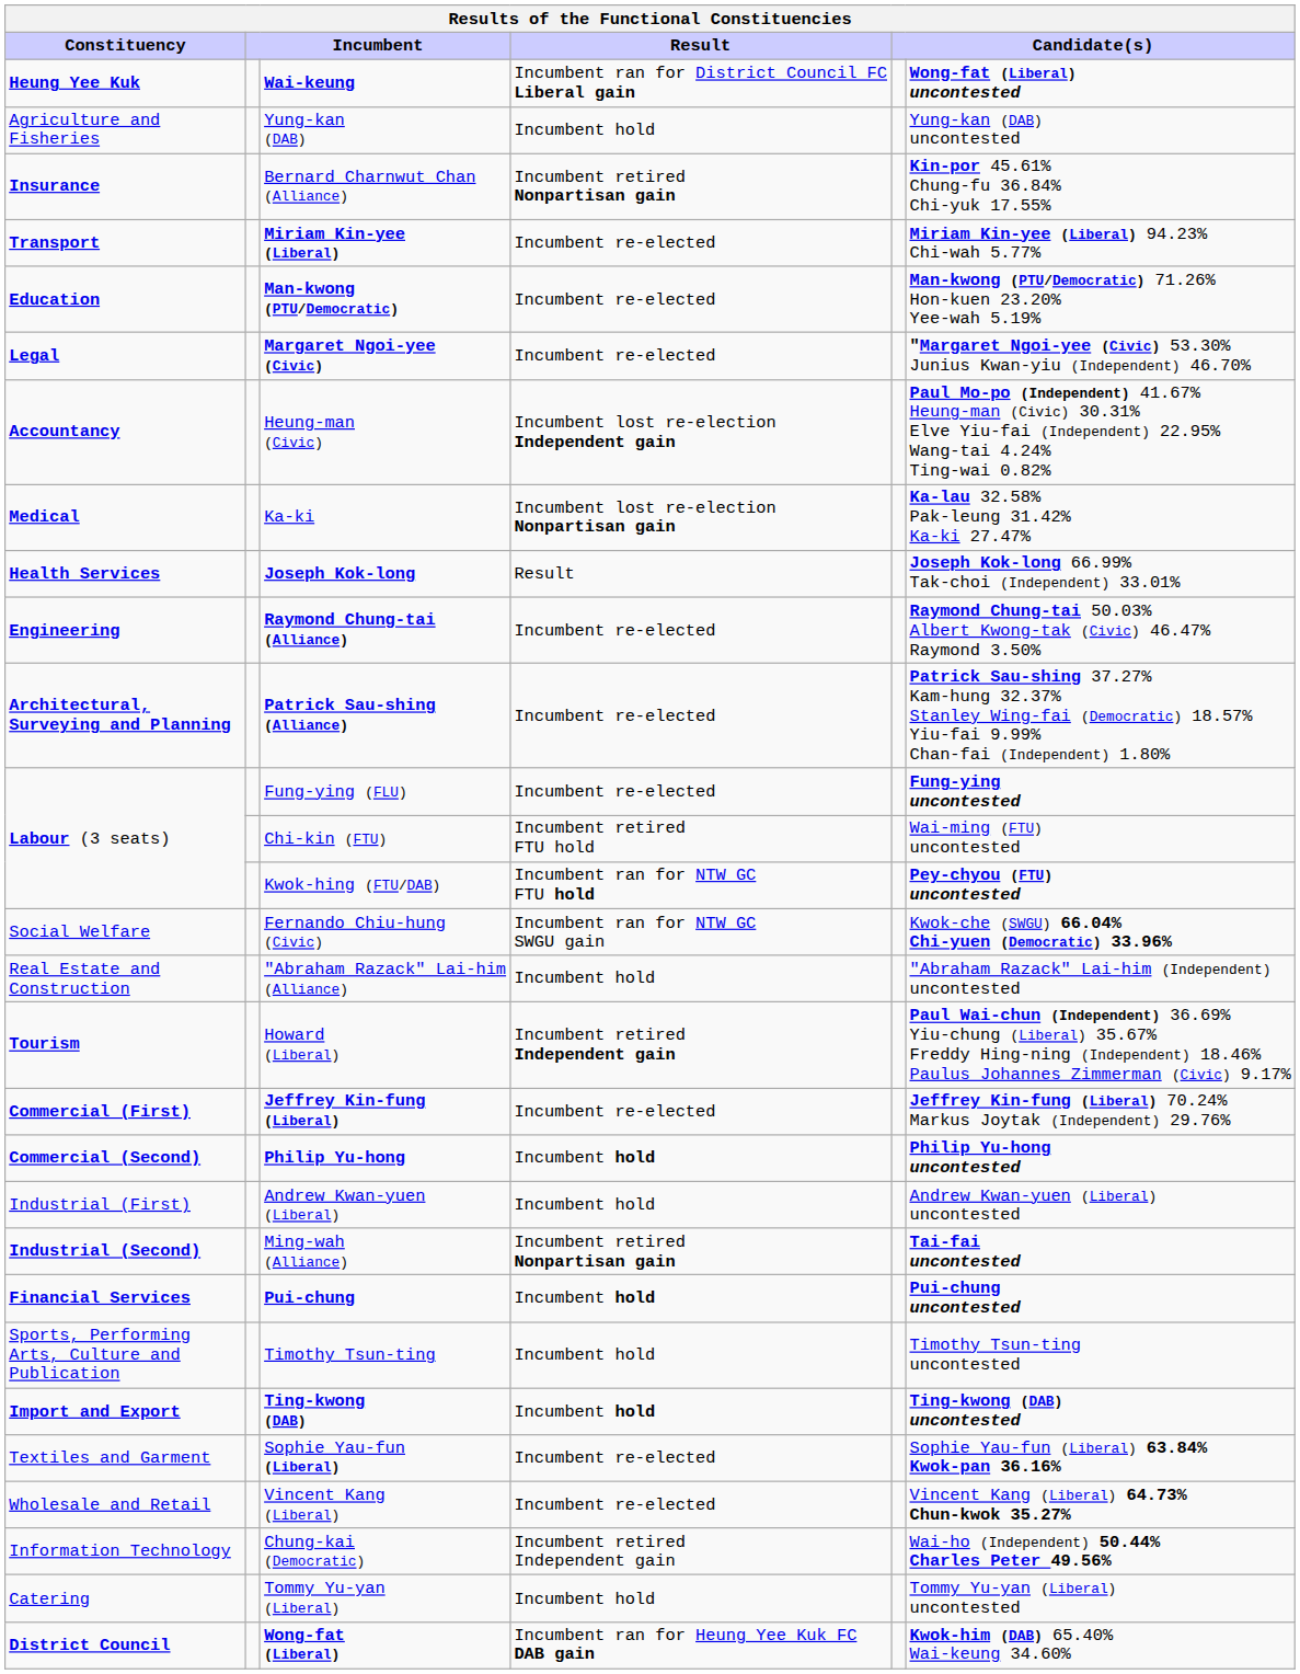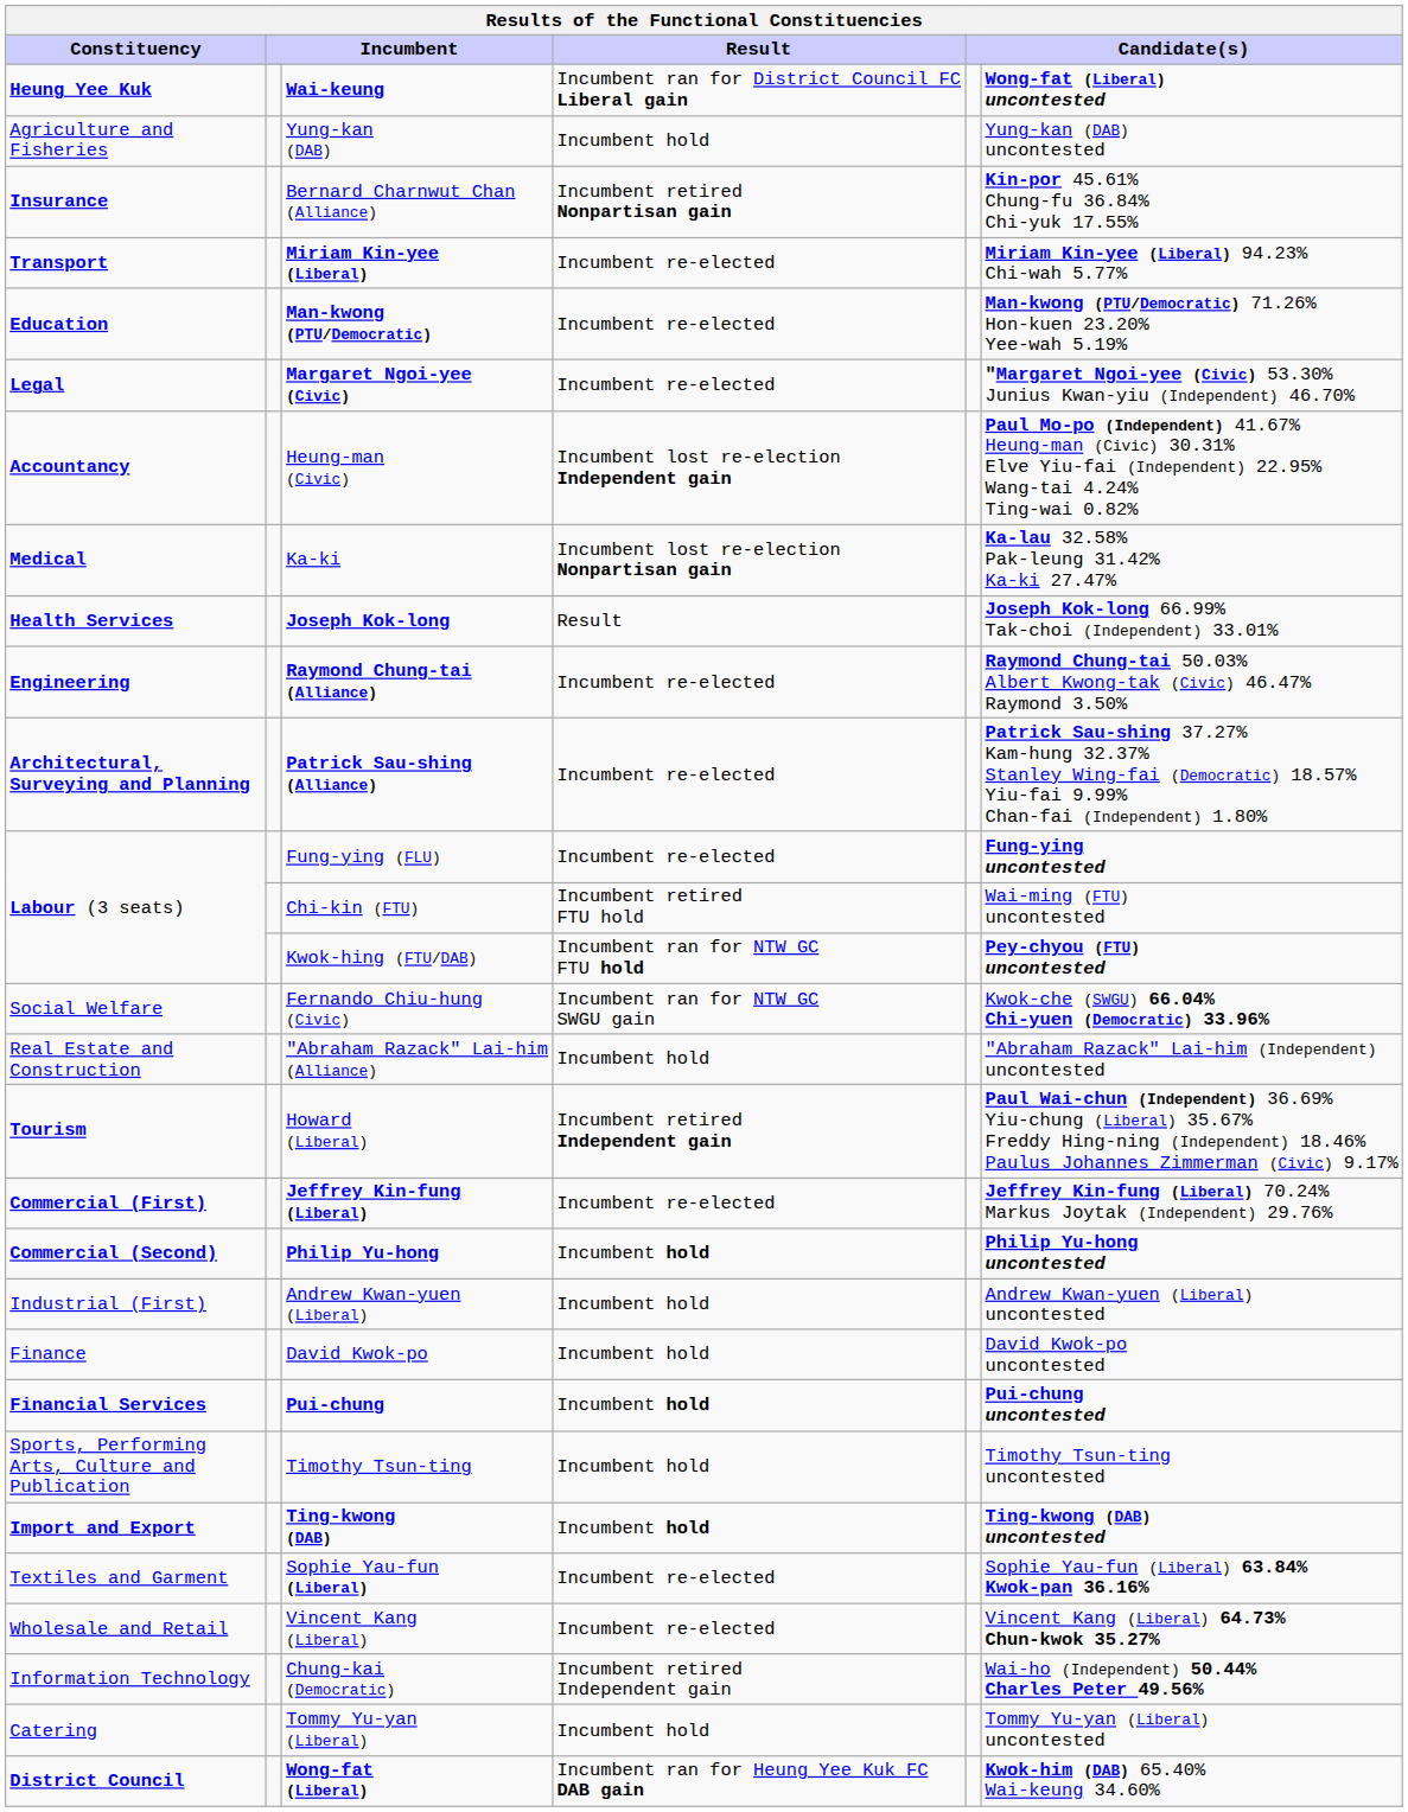 <table class="wikitable mw-collapsible">
 <tr>
 <th colspan=6>Results of the Functional Constituencies</th>
 </tr>
 <tr style="text-align:center; background:#ccf; font-weight:bold; vertical-align:bottom;">
 <td width=180px>Constituency</td>
 <td colspan=2>Incumbent</td>
 <td>Result</td>
 <td colspan=2>Candidate(s)</td>
 </tr>
 <tr>
 <td><strong><a href='#'>Heung Yee Kuk</a></strong></td>
 <td width=5px style="background-color: "></td>
 <td><strong><a href='#'> Wai-keung</a></strong></td>
 <td>Incumbent ran for <a href='#'>District Council FC</a><br><strong>Liberal gain</strong></td>
 <td width=5px style="background-color: "></td>
 <td><strong><a href='#'> Wong-fat</a> <small>(<a href='#'>Liberal</a>)</small><br><em>uncontested<strong><em></td>
 </tr>
 <tr>
 <td></strong><a href='#'>Agriculture and Fisheries</a><strong></td>
 <td style="background-color:"></td>
 <td></strong><a href='#'> Yung-kan</a><br><small>(<a href='#'>DAB</a>)</small><strong></td>
 <td>Incumbent hold</td>
 <td style="background-color:"></td>
 <td></strong><a href='#'> Yung-kan</a> <small>(<a href='#'>DAB</a>)</small><br></em>uncontested</em></strong></td>
 </tr>
 <tr>
 <td><strong><a href='#'>Insurance</a></strong></td>
 <td style="background-color:"></td>
 <td><a href='#'>Bernard Charnwut Chan</a><br><small>(<a href='#'>Alliance</a>)</small></td>
 <td>Incumbent retired<br><strong>Nonpartisan gain</strong></td>
 <td style="background-color:"></td>
 <td><strong><a href='#'> Kin-por</a></strong> 45.61%<br> Chung-fu 36.84%<br> Chi-yuk 17.55%</td>
 </tr>
 <tr>
 <td><strong><a href='#'>Transport</a></strong></td>
 <td style="background-color:"></td>
 <td><strong><a href='#'>Miriam  Kin-yee</a><br><small>(<a href='#'>Liberal</a>)</small></strong></td>
 <td>Incumbent re-elected</td>
 <td style="background-color:"></td>
 <td><strong><a href='#'>Miriam  Kin-yee</a> <small>(<a href='#'>Liberal</a>)</small></strong> 94.23%<br> Chi-wah 5.77%</td>
 </tr>
 <tr>
 <td><strong><a href='#'>Education</a></strong></td>
 <td style="background-color:"></td>
 <td><strong><a href='#'> Man-kwong</a><br><small>(<a href='#'>PTU</a>/<a href='#'>Democratic</a>)</small></strong></td>
 <td>Incumbent re-elected</td>
 <td style="background-color:"></td>
 <td><strong><a href='#'> Man-kwong</a> <small>(<a href='#'>PTU</a>/<a href='#'>Democratic</a>)</small></strong> 71.26%<br> Hon-kuen 23.20%<br> Yee-wah 5.19%</td>
 </tr>
 <tr>
 <td><strong><a href='#'>Legal</a></strong></td>
 <td style="background-color:"></td>
 <td><strong><a href='#'>Margaret  Ngoi-yee</a><br><small>(<a href='#'>Civic</a>)</small></strong></td>
 <td>Incumbent re-elected</td>
 <td style="background-color:"></td>
 <td><strong>"<a href='#'>Margaret  Ngoi-yee</a> <small>(<a href='#'>Civic</a>)</small></strong> 53.30%<br>Junius  Kwan-yiu <small>(Independent)</small> 46.70%</td>
 </tr>
 <tr>
 <td><strong><a href='#'>Accountancy</a></strong></td>
 <td style="background-color:"></td>
 <td><a href='#'> Heung-man</a><br><small>(<a href='#'>Civic</a>)</small></td>
 <td>Incumbent lost re-election<br><strong>Independent gain</strong></td>
 <td style="background-color:"></td>
 <td><strong><a href='#'>Paul  Mo-po</a> <small>(Independent)</small></strong> 41.67%<br><a href='#'> Heung-man</a> <small>(Civic)</small> 30.31%<br>Elve  Yiu-fai <small>(Independent)</small> 22.95%<br> Wang-tai 4.24%<br> Ting-wai 0.82%</td>
 </tr>
 <tr>
 <td><strong><a href='#'>Medical</a></strong></td>
 <td style="background-color:"></td>
 <td><a href='#'> Ka-ki</a></td>
 <td>Incumbent lost re-election<br><strong>Nonpartisan gain</strong></td>
 <td style="background-color:"></td>
 <td><strong><a href='#'> Ka-lau</a></strong> 32.58%<br> Pak-leung 31.42%<br><a href='#'> Ka-ki</a> 27.47%</td>
 </tr>
 <tr>
 <td><strong><a href='#'>Health Services</a></strong></td>
 <td style="background-color:"></td>
 <td><strong><a href='#'>Joseph  Kok-long</a></strong></td>
 <td>Result</td>
 <td style="background-color:"></td>
 <td><strong><a href='#'>Joseph  Kok-long</a></strong> 66.99%<br> Tak-choi <small>(Independent)</small> 33.01%</td>
 </tr>
 <tr>
 <td><strong><a href='#'>Engineering</a></strong></td>
 <td style="background-color:"></td>
 <td><strong><a href='#'>Raymond  Chung-tai</a><br><small>(<a href='#'>Alliance</a>)</small></strong></td>
 <td>Incumbent re-elected</td>
 <td style="background-color:"></td>
 <td><strong><a href='#'>Raymond  Chung-tai</a></strong> 50.03%<br><a href='#'>Albert  Kwong-tak</a> <small>(<a href='#'>Civic</a>)</small> 46.47%<br>Raymond  3.50%</td>
 </tr>
 <tr>
 <td><strong><a href='#'>Architectural, Surveying and Planning</a></strong></td>
 <td style="background-color:"></td>
 <td><strong><a href='#'>Patrick  Sau-shing</a><br><small>(<a href='#'>Alliance</a>)</small></strong></td>
 <td>Incumbent re-elected</td>
 <td style="background-color:"></td>
 <td><strong><a href='#'>Patrick  Sau-shing</a> </strong> 37.27%<br> Kam-hung 32.37%<br><a href='#'>Stanley  Wing-fai</a> <small>(<a href='#'>Democratic</a>)</small> 18.57%<br> Yiu-fai 9.99%<br> Chan-fai <small>(Independent)</small> 1.80%</td>
 </tr>
 <tr>
 <td rowspan=3><strong><a href='#'>Labour</a></strong> (3 seats)</td>
 <td style="background-color:"></td>
 <td><a href='#'> Fung-ying</a> <small>(<a href='#'>FLU</a>)</small></td>
 <td>Incumbent re-elected</td>
 <td style="background-color:"></td>
 <td><strong><a href='#'> Fung-ying</a><br><em>uncontested<strong><em></td>
 </tr>
 <tr>
 <td style="background-color:"></td>
 <td><a href='#'> Chi-kin</a> <small>(<a href='#'>FTU</a>)</small></td>
 <td>Incumbent retired<br>FTU </strong>hold<strong></td>
 <td style="background-color:"></td>
 <td></strong><a href='#'> Wai-ming</a> <small>(<a href='#'>FTU</a>)</small><br></em>uncontested</em></strong></td>
 </tr>
 <tr>
 <td style="background-color:"></td>
 <td><a href='#'> Kwok-hing</a> <small>(<a href='#'>FTU</a>/<a href='#'>DAB</a>)</small></td>
 <td>Incumbent ran for <a href='#'>NTW GC</a><br>FTU <strong>hold</strong></td>
 <td style="background-color:"></td>
 <td><strong><a href='#'> Pey-chyou</a> <small>(<a href='#'>FTU</a>)</small><br><em>uncontested<strong><em></td>
 </tr>
 <tr>
 <td></strong><a href='#'>Social Welfare</a><strong></td>
 <td style="background-color:"></td>
 <td><a href='#'>Fernando  Chiu-hung</a><br><small>(<a href='#'>Civic</a>)</small></td>
 <td>Incumbent ran for <a href='#'>NTW GC</a><br></strong>SWGU gain<strong></td>
 <td style="background-color:"></td>
 <td></strong><a href='#'> Kwok-che</a> <small>(<a href='#'>SWGU</a>)</small><strong> 66.04%<br><a href='#'> Chi-yuen</a> <small>(<a href='#'>Democratic</a>)</small> 33.96%</td>
 </tr>
 <tr>
 <td></strong><a href='#'>Real Estate and Construction</a><strong></td>
 <td style="background-color:"></td>
 <td></strong><a href='#'>"Abraham Razack"  Lai-him</a><br><small>(<a href='#'>Alliance</a>)</small><strong></td>
 <td>Incumbent </strong>hold<strong></td>
 <td style="background-color:"></td>
 <td></strong><a href='#'>"Abraham Razack"  Lai-him</a> <small>(Independent)</small><br></em>uncontested</em></strong></td>
 </tr>
 <tr>
 <td><strong><a href='#'>Tourism</a></strong></td>
 <td style="background-color:"></td>
 <td><a href='#'>Howard </a><br><small>(<a href='#'>Liberal</a>)</small></td>
 <td>Incumbent retired<br><strong>Independent gain</strong></td>
 <td style="background-color:"></td>
 <td><strong><a href='#'>Paul  Wai-chun</a> <small>(Independent)</small></strong> 36.69%<br> Yiu-chung <small>(<a href='#'>Liberal</a>)</small> 35.67%<br>Freddy  Hing-ning <small>(Independent)</small> 18.46%<br><a href='#'>Paulus Johannes Zimmerman</a> <small>(<a href='#'>Civic</a>)</small> 9.17%</td>
 </tr>
 <tr>
 <td><strong><a href='#'>Commercial (First)</a></strong></td>
 <td style="background-color:"></td>
 <td><strong><a href='#'>Jeffrey  Kin-fung</a><br><small>(<a href='#'>Liberal</a>)</small></strong></td>
 <td>Incumbent re-elected</td>
 <td style="background-color:"></td>
 <td><strong><a href='#'>Jeffrey  Kin-fung</a> <small>(<a href='#'>Liberal</a>)</small></strong> 70.24%<br>Markus Joytak  <small>(Independent)</small> 29.76%</td>
 </tr>
 <tr>
 <td><strong><a href='#'>Commercial (Second)</a></strong></td>
 <td style="background-color:"></td>
 <td><strong><a href='#'>Philip  Yu-hong</a></strong></td>
 <td>Incumbent <strong>hold</strong></td>
 <td style="background-color:"></td>
 <td><strong><a href='#'>Philip  Yu-hong</a><br><em>uncontested<strong><em></td>
 </tr>
 <tr>
 <td></strong><a href='#'>Industrial (First)</a><strong></td>
 <td style="background-color:"></td>
 <td></strong><a href='#'>Andrew  Kwan-yuen</a><br><small>(<a href='#'>Liberal</a>)</small><strong></td>
 <td>Incumbent </strong>hold<strong></td>
 <td style="background-color:"></td>
 <td></strong><a href='#'>Andrew  Kwan-yuen</a> <small>(<a href='#'>Liberal</a>)</small><br></em>uncontested</em></strong></td>
 </tr>
 <tr>
-<td><strong><a href='#'>Industrial (Second)</a></strong></td>
+<td></strong><a href='#'>Finance</a><strong></td>
 <td style="background-color:"></td>
-<td><a href='#'> Ming-wah</a><br><small>(<a href='#'>Alliance</a>)</small></td>
-<td>Incumbent retired<br><strong>Nonpartisan gain</strong></td>
+<td></strong><a href='#'>David  Kwok-po</a><strong></td>
+<td>Incumbent </strong>hold<strong></td>
 <td style="background-color:"></td>
-<td><strong><a href='#'> Tai-fai</a><br><em>uncontested<strong><em></td>
+<td></strong><a href='#'>David  Kwok-po</a><br></em>uncontested</em></strong></td>
 </tr>
 <tr>
 <td><strong><a href='#'>Financial Services</a></strong></td>
 <td style="background-color:"></td>
 <td><strong><a href='#'> Pui-chung</a></strong></td>
 <td>Incumbent <strong>hold</strong></td>
 <td style="background-color:"></td>
 <td><strong><a href='#'> Pui-chung</a> <br><em>uncontested<strong><em></td>
 </tr>
 <tr>
 <td></strong><a href='#'>Sports, Performing Arts, Culture and Publication</a><strong></td>
 <td style="background-color:"></td>
 <td></strong><a href='#'>Timothy  Tsun-ting</a><strong></td>
 <td>Incumbent </strong>hold<strong></td>
 <td style="background-color:"></td>
 <td></strong><a href='#'>Timothy  Tsun-ting</a><br></em>uncontested</em></strong></td>
 </tr>
 <tr>
 <td><strong><a href='#'>Import and Export</a></strong></td>
 <td style="background-color:"></td>
 <td><strong><a href='#'> Ting-kwong</a><br><small>(<a href='#'>DAB</a>)</small></strong></td>
 <td>Incumbent <strong>hold</strong></td>
 <td style="background-color:"></td>
 <td><strong><a href='#'> Ting-kwong</a> <small>(<a href='#'>DAB</a>)</small><br><em>uncontested<strong><em></td>
 </tr>
 <tr>
 <td></strong><a href='#'>Textiles and Garment</a><strong></td>
 <td style="background-color:"></td>
 <td></strong><a href='#'>Sophie  Yau-fun</a><strong><br><small>(<a href='#'>Liberal</a>)</small></td>
 <td>Incumbent re-elected</td>
 <td style="background-color:"></td>
 <td></strong><a href='#'>Sophie  Yau-fun</a> <small>(<a href='#'>Liberal</a>)</small><strong> 63.84%<br><a href='#'> Kwok-pan</a> 36.16%</td>
 </tr>
 <tr>
 <td></strong><a href='#'>Wholesale and Retail</a><strong></td>
 <td style="background-color:"></td>
 <td></strong><a href='#'>Vincent  Kang</a><br><small>(<a href='#'>Liberal</a>)</small><strong></td>
 <td>Incumbent re-elected</td>
 <td style="background-color:"></td>
 <td></strong><a href='#'>Vincent  Kang</a> <small>(<a href='#'>Liberal</a>)</small><strong> 64.73%<br> Chun-kwok 35.27%</td>
 </tr>
 <tr>
 <td></strong><a href='#'>Information Technology</a><strong></td>
 <td style="background-color:"></td>
 <td><a href='#'> Chung-kai</a><br><small>(<a href='#'>Democratic</a>)</small></td>
 <td>Incumbent retired<br></strong>Independent gain<strong></td>
 <td style="background-color:"></td>
 <td></strong><a href='#'> Wai-ho</a> <small>(Independent)</small><strong> 50.44%<br><a href='#'>Charles Peter </a> 49.56%</td>
 </tr>
 <tr>
 <td></strong><a href='#'>Catering</a><strong></td>
 <td style="background-color:"></td>
 <td></strong><a href='#'>Tommy  Yu-yan</a><br><small>(<a href='#'>Liberal</a>)</small><strong></td>
 <td>Incumbent </strong>hold<strong></td>
 <td style="background-color:"></td>
 <td></strong><a href='#'>Tommy  Yu-yan</a> <small>(<a href='#'>Liberal</a>)</small><br></em>uncontested</em></strong></td>
 </tr>
 <tr>
 <td><strong><a href='#'>District Council</a></strong></td>
 <td style="background-color:"></td>
 <td><strong><a href='#'> Wong-fat</a><br><small>(<a href='#'>Liberal</a>)</small></strong></td>
 <td>Incumbent ran for <a href='#'>Heung Yee Kuk FC</a><br><strong>DAB gain</strong></td>
 <td style="background-color:"></td>
 <td><strong><a href='#'> Kwok-him</a> <small>(<a href='#'>DAB</a>)</small></strong> 65.40%<br><a href='#'> Wai-keung</a> 34.60%</td>
 </tr>
 </table>
